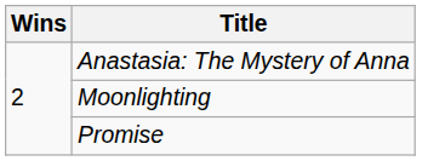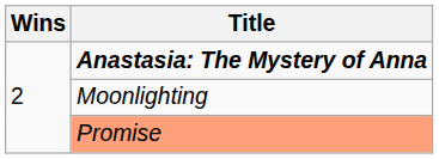 <table class="wikitable">
 <tr>
 <th>Wins</th>
 <th>Title</th>
 </tr>
 <tr>
 <td rowspan="3">2</td>
-<td><em>Anastasia: The Mystery of Anna</em></td>
+<td><strong><em>Anastasia: The Mystery of Anna</em></strong></td>
 </tr>
 <tr>
 <td><em>Moonlighting</em></td>
 </tr>
 <tr>
-<td><em>Promise</em></td>
+<td style="background: lightsalmon;"><em>Promise</em></td>
 </tr>
 </table>
